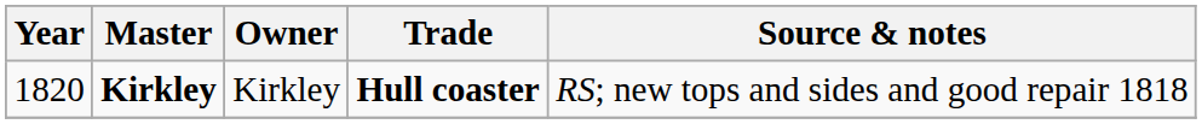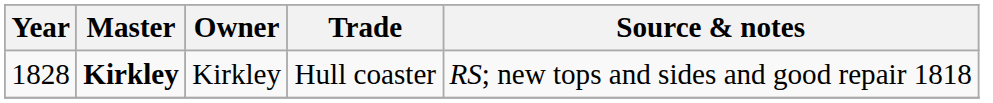 <table class=" wikitable">
 <tr>
 <th>Year</th>
 <th>Master</th>
 <th>Owner</th>
 <th>Trade</th>
 <th>Source & notes</th>
 </tr>
 <tr>
-<td>1820</td>
+<td>1828</td>
 <td><strong>Kirkley</strong></td>
 <td>Kirkley</td>
-<td><strong>Hull coaster</strong></td>
+<td>Hull coaster</td>
 <td><em>RS</em>; new tops and sides and good repair 1818</td>
 </tr>
 <tr>
 </tr>
 </table>
